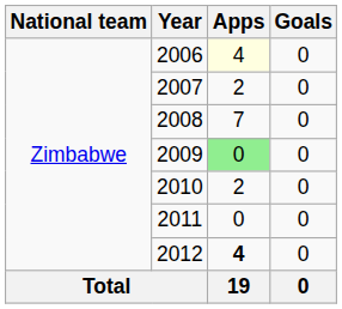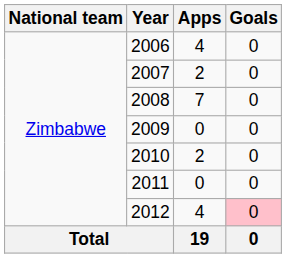 <table class="wikitable" style="text-align:center">
 <tr>
 <th>National team</th>
 <th>Year</th>
 <th width="40">Apps</th>
 <th width="40">Goals</th>
 </tr>
 <tr>
 <td rowspan="7"><a href='#'>Zimbabwe</a></td>
 <td>2006</td>
-<td style="background: lightyellow;">4</td>
+<td>4</td>
 <td>0</td>
 </tr>
 <tr>
 <td>2007</td>
 <td>2</td>
 <td>0</td>
 </tr>
 <tr>
 <td>2008</td>
 <td>7</td>
 <td>0</td>
 </tr>
 <tr>
 <td>2009</td>
-<td style="background: lightgreen;">0</td>
+<td>0</td>
 <td>0</td>
 </tr>
 <tr>
 <td>2010</td>
 <td>2</td>
 <td>0</td>
 </tr>
 <tr>
 <td>2011</td>
 <td>0</td>
 <td>0</td>
 </tr>
 <tr>
 <td>2012</td>
-<td><strong>4</strong></td>
-<td>0</td>
+<td>4</td>
+<td style="background: pink;">0</td>
 </tr>
 <tr>
 <th colspan="2">Total</th>
 <th>19</th>
 <th>0</th>
 </tr>
 </table>
